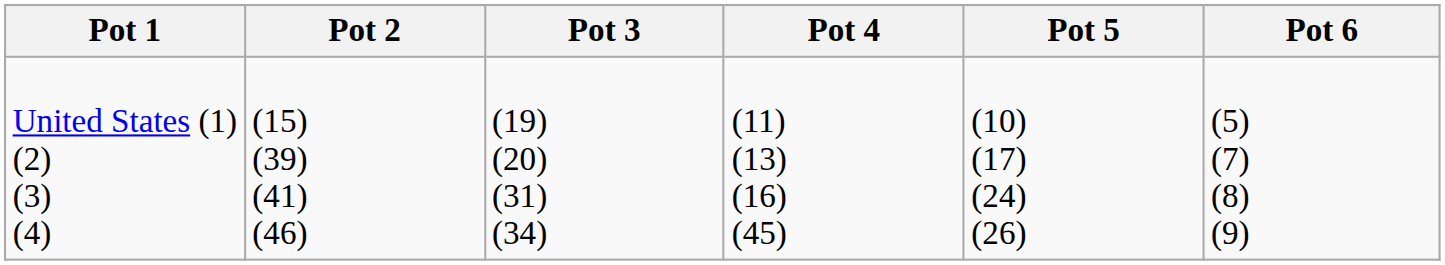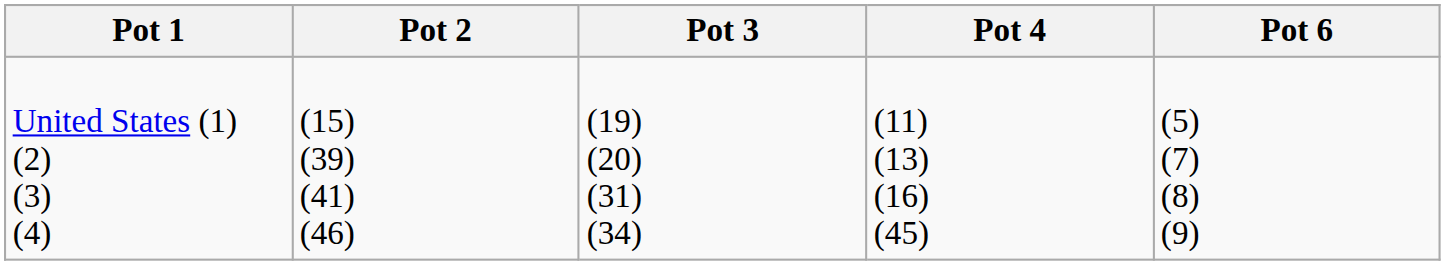 <table class=wikitable>
 <tr>
 <th width=16.7%>Pot 1</th>
 <th width=16.7%>Pot 2</th>
 <th width=16.7%>Pot 3</th>
 <th width=16.7%>Pot 4</th>
-<th width=16.7%>Pot 5</th>
 <th width=16.7%>Pot 6</th>
 </tr>
 <tr>
 <td><br> <a href='#'>United States</a> (1)<br>  (2)<br>  (3)<br>  (4)</td>
 <td><br> (15)<br>  (39)<br>  (41)<br>  (46)</td>
 <td><br> (19)<br>  (20)<br>  (31)<br>  (34)</td>
 <td><br> (11)<br>  (13)<br>  (16)<br>  (45)</td>
-<td><br> (10)<br>  (17)<br>  (24)<br>  (26)</td>
 <td><br> (5)<br>  (7)<br>  (8)<br>  (9)</td>
 </tr>
 </table>
